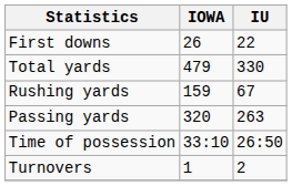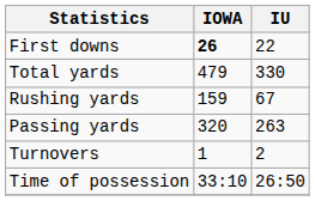 <table class="wikitable">
 <tr>
 <th>Statistics</th>
 <th>IOWA</th>
 <th>IU</th>
 </tr>
 <tr>
 <td>First downs</td>
-<td>26</td>
+<td><strong>26</strong></td>
 <td>22</td>
 </tr>
 <tr>
 <td>Total yards</td>
 <td>479</td>
 <td>330</td>
 </tr>
 <tr>
 <td>Rushing yards</td>
 <td>159</td>
 <td>67</td>
 </tr>
 <tr>
 <td>Passing yards</td>
 <td>320</td>
 <td>263</td>
 </tr>
 <tr>
+<td>Turnovers</td>
+<td>1</td>
+<td>2</td>
+</tr>
+<tr>
 <td>Time of possession</td>
 <td>33:10</td>
 <td>26:50</td>
 </tr>
 <tr>
-<td>Turnovers</td>
-<td>1</td>
-<td>2</td>
-</tr>
-<tr>
 </tr>
 </table>
